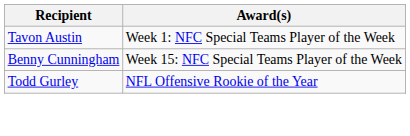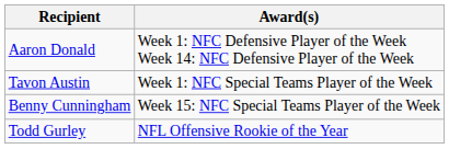 <table class="wikitable">
 <tr>
 <th>Recipient</th>
 <th>Award(s)</th>
+</tr>
+<tr>
+<td><a href='#'>Aaron Donald</a></td>
+<td>Week 1: <a href='#'>NFC</a> Defensive Player of the Week <br>  Week 14: <a href='#'>NFC</a> Defensive Player of the Week</td>
 </tr>
 <tr>
 <td><a href='#'>Tavon Austin</a></td>
 <td>Week 1: <a href='#'>NFC</a> Special Teams Player of the Week</td>
 </tr>
 <tr>
 <td><a href='#'>Benny Cunningham</a></td>
 <td>Week 15: <a href='#'>NFC</a> Special Teams Player of the Week</td>
 </tr>
 <tr>
 <td><a href='#'>Todd Gurley</a></td>
 <td><a href='#'>NFL Offensive Rookie of the Year</a></td>
 </tr>
 </table>
